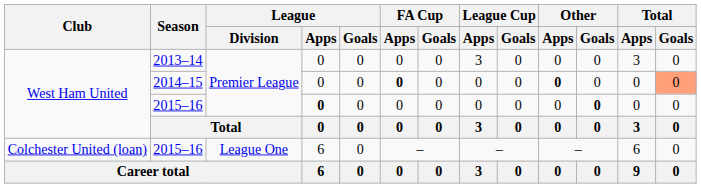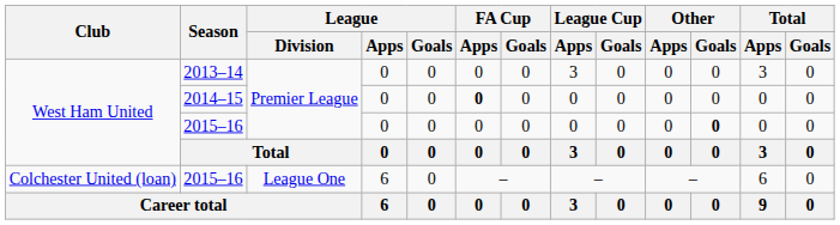 <table class="wikitable" style="text-align:center">
 <tr>
 <th rowspan="2">Club</th>
 <th rowspan="2">Season</th>
 <th colspan="3">League</th>
 <th colspan="2">FA Cup</th>
 <th colspan="2">League Cup</th>
 <th colspan="2">Other</th>
 <th colspan="2">Total</th>
 </tr>
 <tr>
 <th>Division</th>
 <th>Apps</th>
 <th>Goals</th>
 <th>Apps</th>
 <th>Goals</th>
 <th>Apps</th>
 <th>Goals</th>
 <th>Apps</th>
 <th>Goals</th>
 <th>Apps</th>
 <th>Goals</th>
 </tr>
 <tr>
 <td rowspan="4"><a href='#'>West Ham United</a></td>
 <td><a href='#'>2013–14</a></td>
 <td rowspan="3"><a href='#'>Premier League</a></td>
 <td>0</td>
 <td>0</td>
 <td>0</td>
 <td>0</td>
 <td>3</td>
 <td>0</td>
 <td>0</td>
 <td>0</td>
 <td>3</td>
 <td>0</td>
 </tr>
 <tr>
 <td><a href='#'>2014–15</a></td>
 <td>0</td>
 <td>0</td>
 <td><strong>0</strong></td>
 <td>0</td>
 <td>0</td>
 <td>0</td>
-<td><strong>0</strong></td>
 <td>0</td>
 <td>0</td>
-<td style="background: lightsalmon;">0</td>
+<td>0</td>
+<td>0</td>
 </tr>
 <tr>
 <td><a href='#'>2015–16</a></td>
-<td><strong>0</strong></td>
+<td>0</td>
 <td>0</td>
 <td>0</td>
 <td>0</td>
 <td>0</td>
 <td>0</td>
 <td>0</td>
 <td><strong>0</strong></td>
 <td>0</td>
 <td>0</td>
 </tr>
 <tr>
 <th colspan="2">Total</th>
 <th>0</th>
 <th>0</th>
 <th>0</th>
 <th>0</th>
 <th>3</th>
 <th>0</th>
 <th>0</th>
 <th>0</th>
 <th>3</th>
 <th>0</th>
 </tr>
 <tr>
 <td><a href='#'>Colchester United (loan)</a></td>
 <td><a href='#'>2015–16</a></td>
 <td><a href='#'>League One</a></td>
 <td>6</td>
 <td>0</td>
 <td colspan="2">–</td>
 <td colspan="2">–</td>
 <td colspan="2">–</td>
 <td>6</td>
 <td>0</td>
 </tr>
 <tr>
 <th colspan="3">Career total</th>
 <th>6</th>
 <th>0</th>
 <th>0</th>
 <th>0</th>
 <th>3</th>
 <th>0</th>
 <th>0</th>
 <th>0</th>
 <th>9</th>
 <th>0</th>
 </tr>
 </table>
